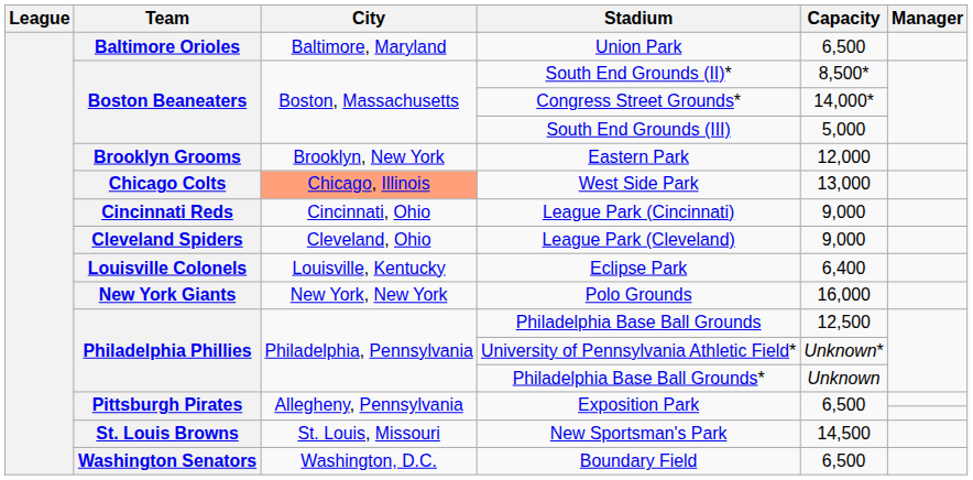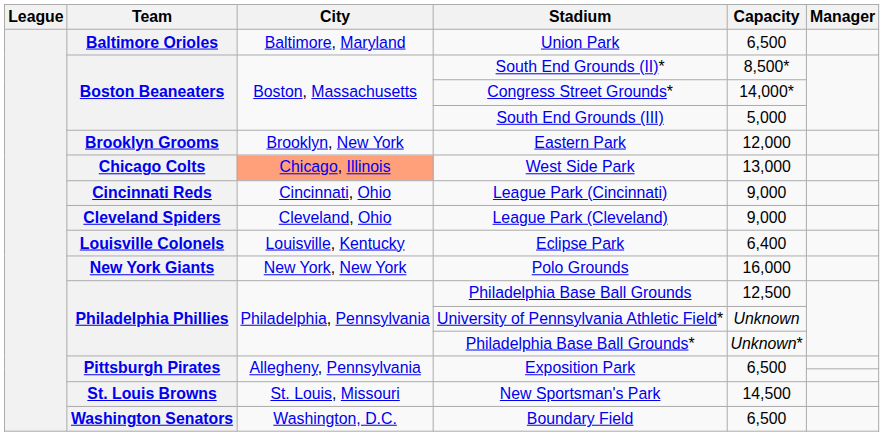 <table class="wikitable sortable plainrowheaders" style="text-align:center;">
 <tr>
 <th scope="col">League</th>
 <th scope="col">Team</th>
 <th scope="col">City</th>
 <th scope="col">Stadium</th>
 <th scope="col">Capacity</th>
 <th scope="col">Manager</th>
 </tr>
 <tr>
 <th rowspan="17"></th>
 <th scope="row"><a href='#'>Baltimore Orioles</a></th>
 <td><a href='#'>Baltimore</a>, <a href='#'>Maryland</a></td>
 <td><a href='#'>Union Park</a></td>
 <td>6,500</td>
 <td></td>
 </tr>
 <tr>
 <th rowspan="3" scope="row"><a href='#'>Boston Beaneaters</a></th>
 <td rowspan="3"><a href='#'>Boston</a>, <a href='#'>Massachusetts</a></td>
 <td><a href='#'>South End Grounds (II)</a>*</td>
 <td>8,500*</td>
 <td rowspan="3"></td>
 </tr>
 <tr>
 <td><a href='#'>Congress Street Grounds</a>*</td>
 <td>14,000*</td>
 </tr>
 <tr>
 <td><a href='#'>South End Grounds (III)</a></td>
 <td>5,000</td>
 </tr>
 <tr>
 <th scope="row"><a href='#'>Brooklyn Grooms</a></th>
 <td><a href='#'>Brooklyn</a>, <a href='#'>New York</a></td>
 <td><a href='#'>Eastern Park</a></td>
 <td>12,000</td>
 <td></td>
 </tr>
 <tr>
 <th scope="row"><a href='#'>Chicago Colts</a></th>
 <td style="background: lightsalmon;"><a href='#'>Chicago</a>, <a href='#'>Illinois</a></td>
 <td><a href='#'>West Side Park</a></td>
 <td>13,000</td>
 <td></td>
 </tr>
 <tr>
 <th scope="row"><a href='#'>Cincinnati Reds</a></th>
 <td><a href='#'>Cincinnati</a>, <a href='#'>Ohio</a></td>
 <td><a href='#'>League Park (Cincinnati)</a></td>
 <td>9,000</td>
 <td></td>
 </tr>
 <tr>
 <th scope="row"><a href='#'>Cleveland Spiders</a></th>
 <td><a href='#'>Cleveland</a>, <a href='#'>Ohio</a></td>
 <td><a href='#'>League Park (Cleveland)</a></td>
 <td>9,000</td>
 <td></td>
 </tr>
 <tr>
 <th scope="row"><a href='#'>Louisville Colonels</a></th>
 <td><a href='#'>Louisville</a>, <a href='#'>Kentucky</a></td>
 <td><a href='#'>Eclipse Park</a></td>
 <td>6,400</td>
 <td></td>
 </tr>
 <tr>
 <th scope="row"><a href='#'>New York Giants</a></th>
 <td><a href='#'>New York</a>, <a href='#'>New York</a></td>
 <td><a href='#'>Polo Grounds</a></td>
 <td>16,000</td>
 <td></td>
 </tr>
 <tr>
 <th rowspan="3" scope="row"><a href='#'>Philadelphia Phillies</a></th>
 <td rowspan="3"><a href='#'>Philadelphia</a>, <a href='#'>Pennsylvania</a></td>
 <td><a href='#'>Philadelphia Base Ball Grounds</a></td>
 <td>12,500</td>
 <td rowspan="3"></td>
 </tr>
 <tr>
 <td><a href='#'>University of Pennsylvania Athletic Field</a>*</td>
-<td><em>Unknown</em>*</td>
+<td><em>Unknown</em></td>
 </tr>
 <tr>
 <td><a href='#'>Philadelphia Base Ball Grounds</a>*</td>
-<td><em>Unknown</em></td>
+<td><em>Unknown</em>*</td>
 </tr>
 <tr>
 <th rowspan="2" scope="row"><a href='#'>Pittsburgh Pirates</a></th>
 <td rowspan="2"><a href='#'>Allegheny</a>, <a href='#'>Pennsylvania</a></td>
 <td rowspan="2"><a href='#'>Exposition Park</a></td>
 <td rowspan="2">6,500</td>
 <td></td>
 </tr>
 <tr>
 <td></td>
 </tr>
 <tr>
 <th scope="row"><a href='#'>St. Louis Browns</a></th>
 <td><a href='#'>St. Louis</a>, <a href='#'>Missouri</a></td>
 <td><a href='#'>New Sportsman's Park</a></td>
 <td>14,500</td>
 <td></td>
 </tr>
 <tr>
 <th scope="row"><a href='#'>Washington Senators</a></th>
 <td><a href='#'>Washington, D.C.</a></td>
 <td><a href='#'>Boundary Field</a></td>
 <td>6,500</td>
 <td></td>
 </tr>
 </table>
